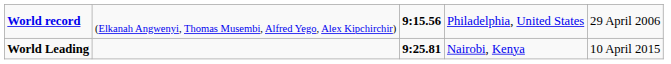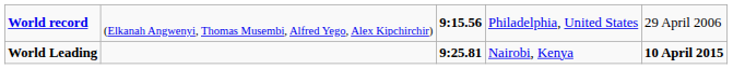 <table class="wikitable">
 <tr>
 <td><strong><a href='#'>World record</a></strong></td>
 <td><br><small>(<a href='#'>Elkanah Angwenyi</a>, <a href='#'>Thomas Musembi</a>, <a href='#'>Alfred Yego</a>, <a href='#'>Alex Kipchirchir</a>)</small></td>
 <td><strong>9:15.56</strong></td>
 <td> <a href='#'>Philadelphia</a>, <a href='#'>United States</a></td>
 <td>29 April 2006</td>
 </tr>
 <tr>
 <td><strong>World Leading</strong></td>
 <td></td>
 <td><strong>9:25.81</strong></td>
 <td> <a href='#'>Nairobi</a>, <a href='#'>Kenya</a></td>
-<td>10 April 2015</td>
+<td><strong>10 April 2015</strong></td>
 </tr>
 </table>
